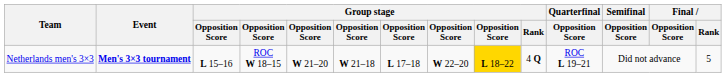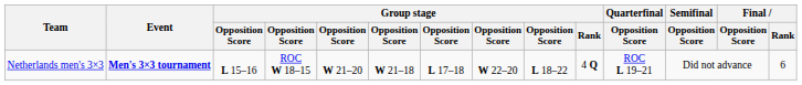 <table class="wikitable" style="font-size:90%">
 <tr>
 <th rowspan=2>Team</th>
 <th rowspan=2>Event</th>
 <th colspan=8>Group stage</th>
 <th>Quarterfinal</th>
 <th>Semifinal</th>
 <th colspan=2>Final / </th>
 </tr>
 <tr style="font-size:95%">
 <th>Opposition<br>Score</th>
 <th>Opposition<br>Score</th>
 <th>Opposition<br>Score</th>
 <th>Opposition<br>Score</th>
 <th>Opposition<br>Score</th>
 <th>Opposition<br>Score</th>
 <th>Opposition<br>Score</th>
 <th>Rank</th>
 <th>Opposition<br>Score</th>
 <th>Opposition<br>Score</th>
 <th>Opposition<br>Score</th>
 <th>Rank</th>
 </tr>
 <tr align=center>
 <td align=left><a href='#'>Netherlands men's 3×3</a></td>
 <td align=left><strong><a href='#'>Men's 3×3 tournament</a></strong></td>
 <td> <br><strong>L</strong> 15–16</td>
 <td> <a href='#'>ROC</a> <br><strong>W</strong> 18–15</td>
 <td><br><strong>W</strong> 21–20</td>
 <td><br><strong>W</strong> 21–18</td>
 <td><br><strong>L</strong> 17–18</td>
 <td><br><strong>W</strong> 22–20</td>
-<td style="background: gold;"><br><strong>L</strong> 18–22</td>
+<td><br><strong>L</strong> 18–22</td>
 <td>4 <strong>Q</strong></td>
 <td> <a href='#'>ROC</a> <br><strong>L</strong> 19–21</td>
 <td colspan=2>Did not advance</td>
-<td>5</td>
+<td>6</td>
 </tr>
 </table>
